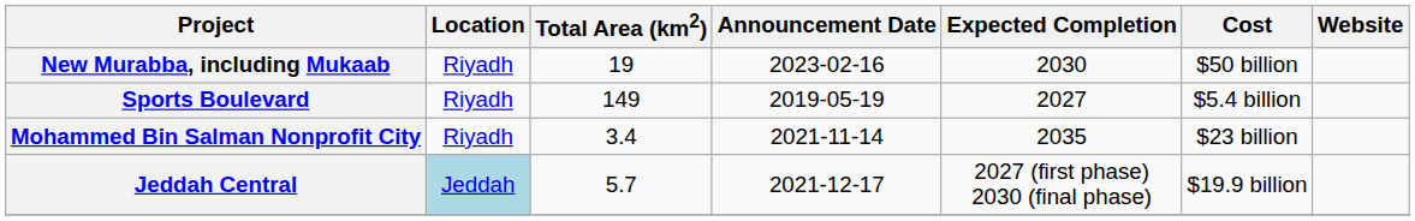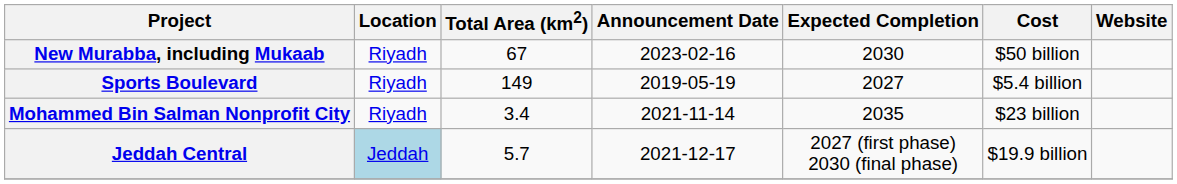 <table class="wikitable sortable" style="text-align:center;">
 <tr>
 <th>Project</th>
 <th>Location</th>
 <th>Total Area (km<sup>2</sup>)</th>
 <th>Announcement Date</th>
 <th>Expected Completion</th>
 <th>Cost</th>
 <th>Website</th>
 </tr>
 <tr>
 <th><a href='#'>New Murabba</a>, including <a href='#'>Mukaab</a></th>
 <td><a href='#'>Riyadh</a></td>
-<td>19</td>
+<td>67</td>
 <td>2023-02-16</td>
 <td>2030</td>
 <td>$50 billion</td>
 <td></td>
 </tr>
 <tr>
 <th><a href='#'>Sports Boulevard</a></th>
 <td><a href='#'>Riyadh</a></td>
 <td>149</td>
 <td>2019-05-19</td>
 <td>2027</td>
 <td>$5.4 billion</td>
 <td></td>
 </tr>
 <tr>
 <th><a href='#'>Mohammed Bin Salman Nonprofit City</a></th>
 <td><a href='#'>Riyadh</a></td>
 <td>3.4</td>
 <td>2021-11-14</td>
 <td>2035</td>
 <td>$23 billion</td>
 <td></td>
 </tr>
 <tr>
 <th><a href='#'>Jeddah Central</a></th>
 <td style="background: lightblue;"><a href='#'>Jeddah</a></td>
 <td>5.7</td>
 <td>2021-12-17</td>
 <td>2027 (first phase)<br>2030 (final phase)</td>
 <td>$19.9 billion</td>
 <td></td>
 </tr>
 <tr>
 </tr>
 </table>
